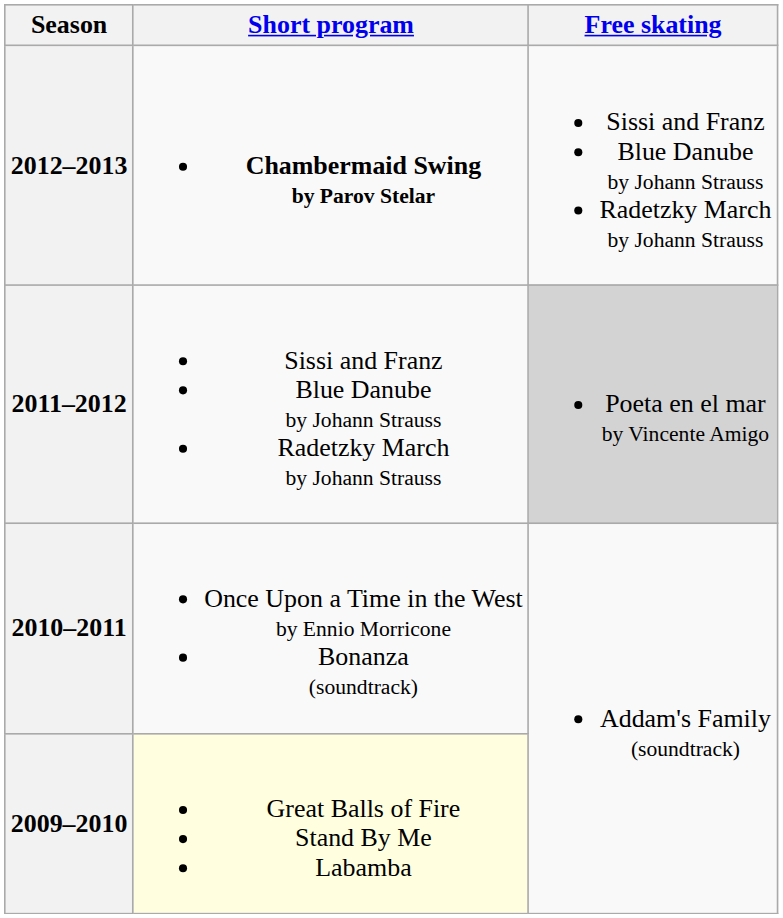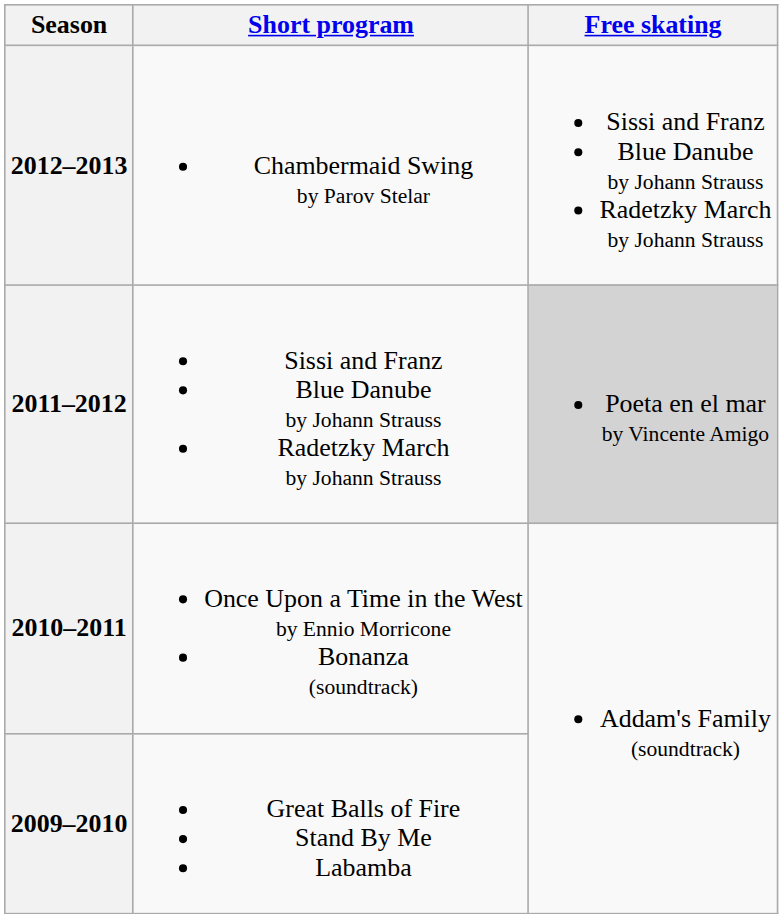 <table class="wikitable" style="text-align:center">
 <tr>
 <th>Season</th>
 <th><a href='#'>Short program</a></th>
 <th><a href='#'>Free skating</a></th>
 </tr>
 <tr>
 <th>2012–2013 <br></th>
-<td><strong><br><ul><li>Chambermaid Swing <br><small> by Parov Stelar </small></li></ul></strong></td>
+<td><br><ul><li>Chambermaid Swing <br><small> by Parov Stelar </small></li></ul></td>
 <td><br><ul><li>Sissi and Franz</li><li>Blue Danube <br><small> by Johann Strauss </small></li><li>Radetzky March <br><small> by Johann Strauss </small></li></ul></td>
 </tr>
 <tr>
 <th>2011–2012 <br></th>
 <td><br><ul><li>Sissi and Franz</li><li>Blue Danube <br><small> by Johann Strauss </small></li><li>Radetzky March <br><small> by Johann Strauss </small></li></ul></td>
 <td style="background: lightgrey;"><br><ul><li>Poeta en el mar <br><small> by Vincente Amigo </small></li></ul></td>
 </tr>
 <tr>
 <th>2010–2011 <br></th>
 <td><br><ul><li>Once Upon a Time in the West <br><small> by Ennio Morricone </small></li><li>Bonanza <br><small> (soundtrack) </small></li></ul></td>
 <td rowspan=2><br><ul><li>Addam's Family <br><small> (soundtrack) </small></li></ul></td>
 </tr>
 <tr>
 <th>2009–2010 <br></th>
-<td style="background: lightyellow;"><br><ul><li>Great Balls of Fire</li><li>Stand By Me</li><li>Labamba</li></ul></td>
+<td><br><ul><li>Great Balls of Fire</li><li>Stand By Me</li><li>Labamba</li></ul></td>
 </tr>
 </table>
